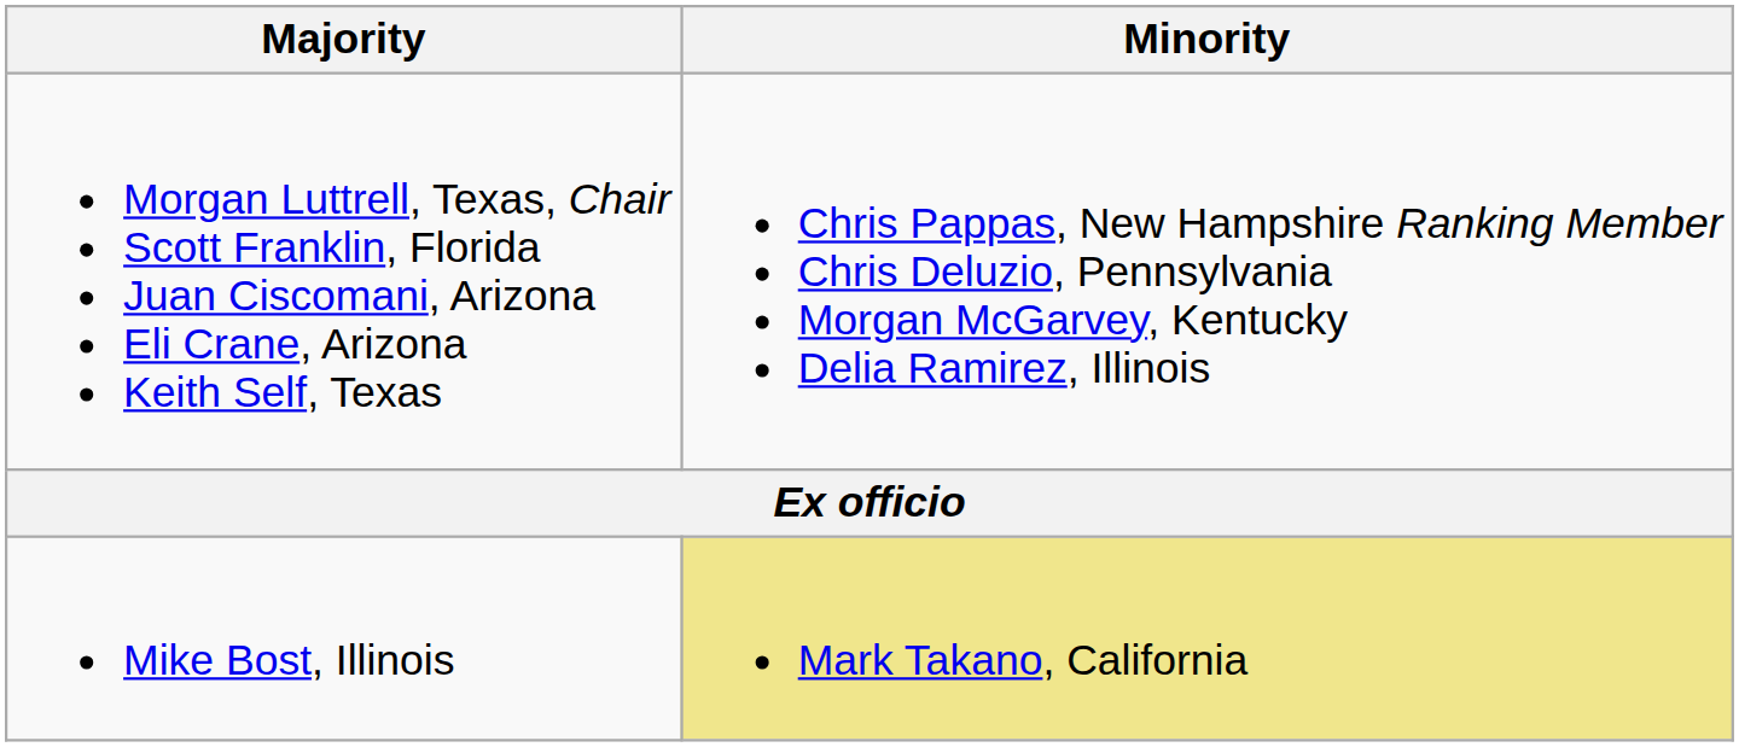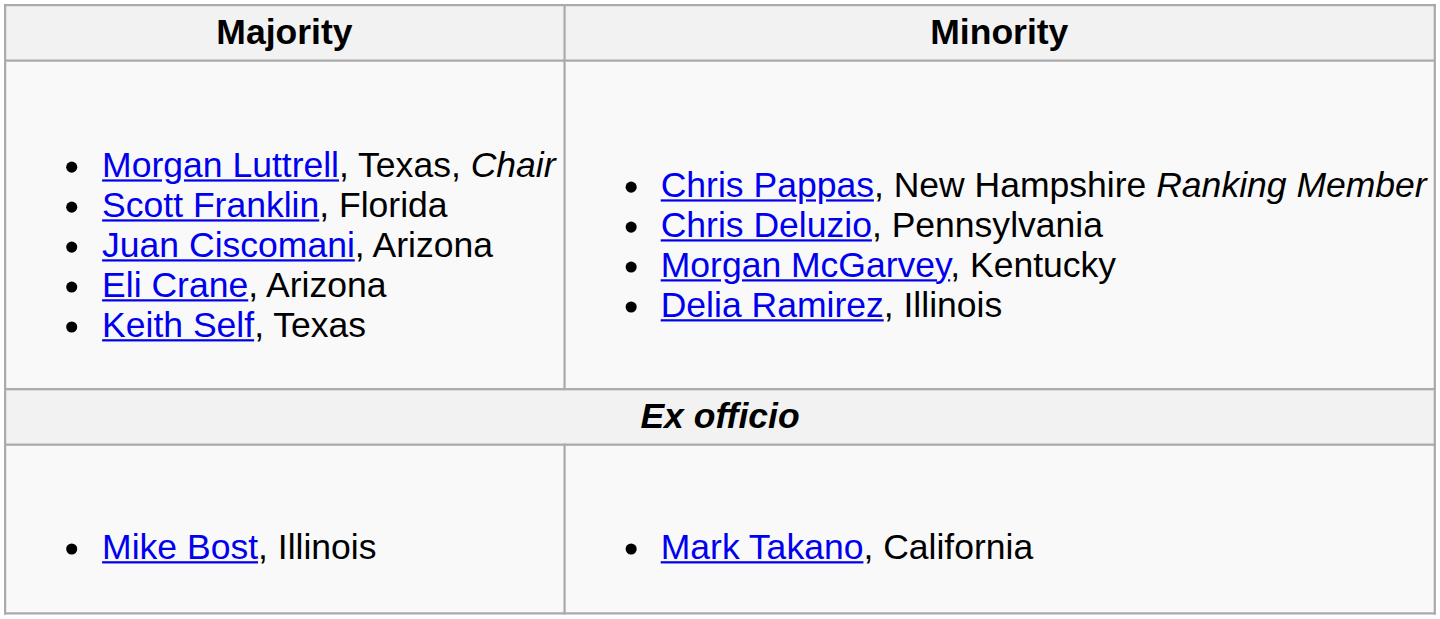 <table class=wikitable>
 <tr>
 <th>Majority</th>
 <th>Minority</th>
 </tr>
 <tr>
 <td><br><ul><li><a href='#'>Morgan Luttrell</a>, Texas, <em>Chair</em></li><li><a href='#'>Scott Franklin</a>, Florida</li><li><a href='#'>Juan Ciscomani</a>, Arizona</li><li><a href='#'>Eli Crane</a>, Arizona</li><li><a href='#'>Keith Self</a>, Texas</li></ul></td>
 <td><br><ul><li><a href='#'>Chris Pappas</a>, New Hampshire <em>Ranking Member</em></li><li><a href='#'>Chris Deluzio</a>, Pennsylvania</li><li><a href='#'>Morgan McGarvey</a>, Kentucky</li><li><a href='#'>Delia Ramirez</a>, Illinois</li></ul></td>
 </tr>
 <tr>
 <th colspan=2><em>Ex officio</em></th>
 </tr>
 <tr>
 <td><br><ul><li><a href='#'>Mike Bost</a>, Illinois</li></ul></td>
-<td style="background: khaki;"><br><ul><li><a href='#'>Mark Takano</a>, California</li></ul></td>
+<td><br><ul><li><a href='#'>Mark Takano</a>, California</li></ul></td>
 </tr>
 </table>
